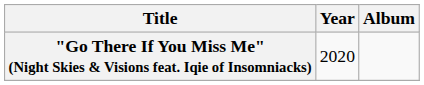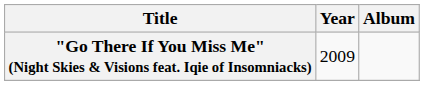 <table class="wikitable plainrowheaders" border="1" style="text-align:center;">
 <tr>
 <th scope="col">Title</th>
 <th scope="col">Year</th>
 <th scope="col">Album</th>
 </tr>
 <tr>
 <th scope="row">"Go There If You Miss Me"<br><small>(Night Skies & Visions feat. Iqie of Insomniacks)</small></th>
-<td>2020</td>
+<td>2009</td>
 <td></td>
 </tr>
 <tr>
 </tr>
 </table>
